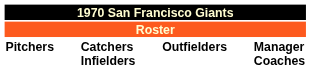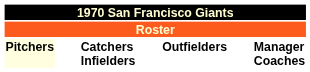 <table class="toccolours" style="font-size: 95%;">
 <tr>
 <th colspan="10" style="background-color: black; color: #FFFDD0; text-align: center;">1970 San Francisco Giants</th>
 </tr>
 <tr>
 <td colspan="10" style="background-color: #fd5a1e; color: #FFFDD0; text-align: center;"><strong>Roster</strong></td>
 </tr>
 <tr>
-<td valign="top"><strong>Pitchers</strong><br>               </td>
+<td valign="top" style="background: lightyellow;"><strong>Pitchers</strong><br>               </td>
 <td width="25px"></td>
 <td valign="top"><strong>Catchers</strong><br>   <strong>Infielders</strong>           </td>
 <td width="25px"></td>
 <td valign="top"><strong>Outfielders</strong><br>       </td>
 <td width="25px"></td>
 <td valign="top"><strong>Manager</strong><br>  <strong>Coaches</strong>    </td>
 </tr>
 <tr>
 </tr>
 </table>
